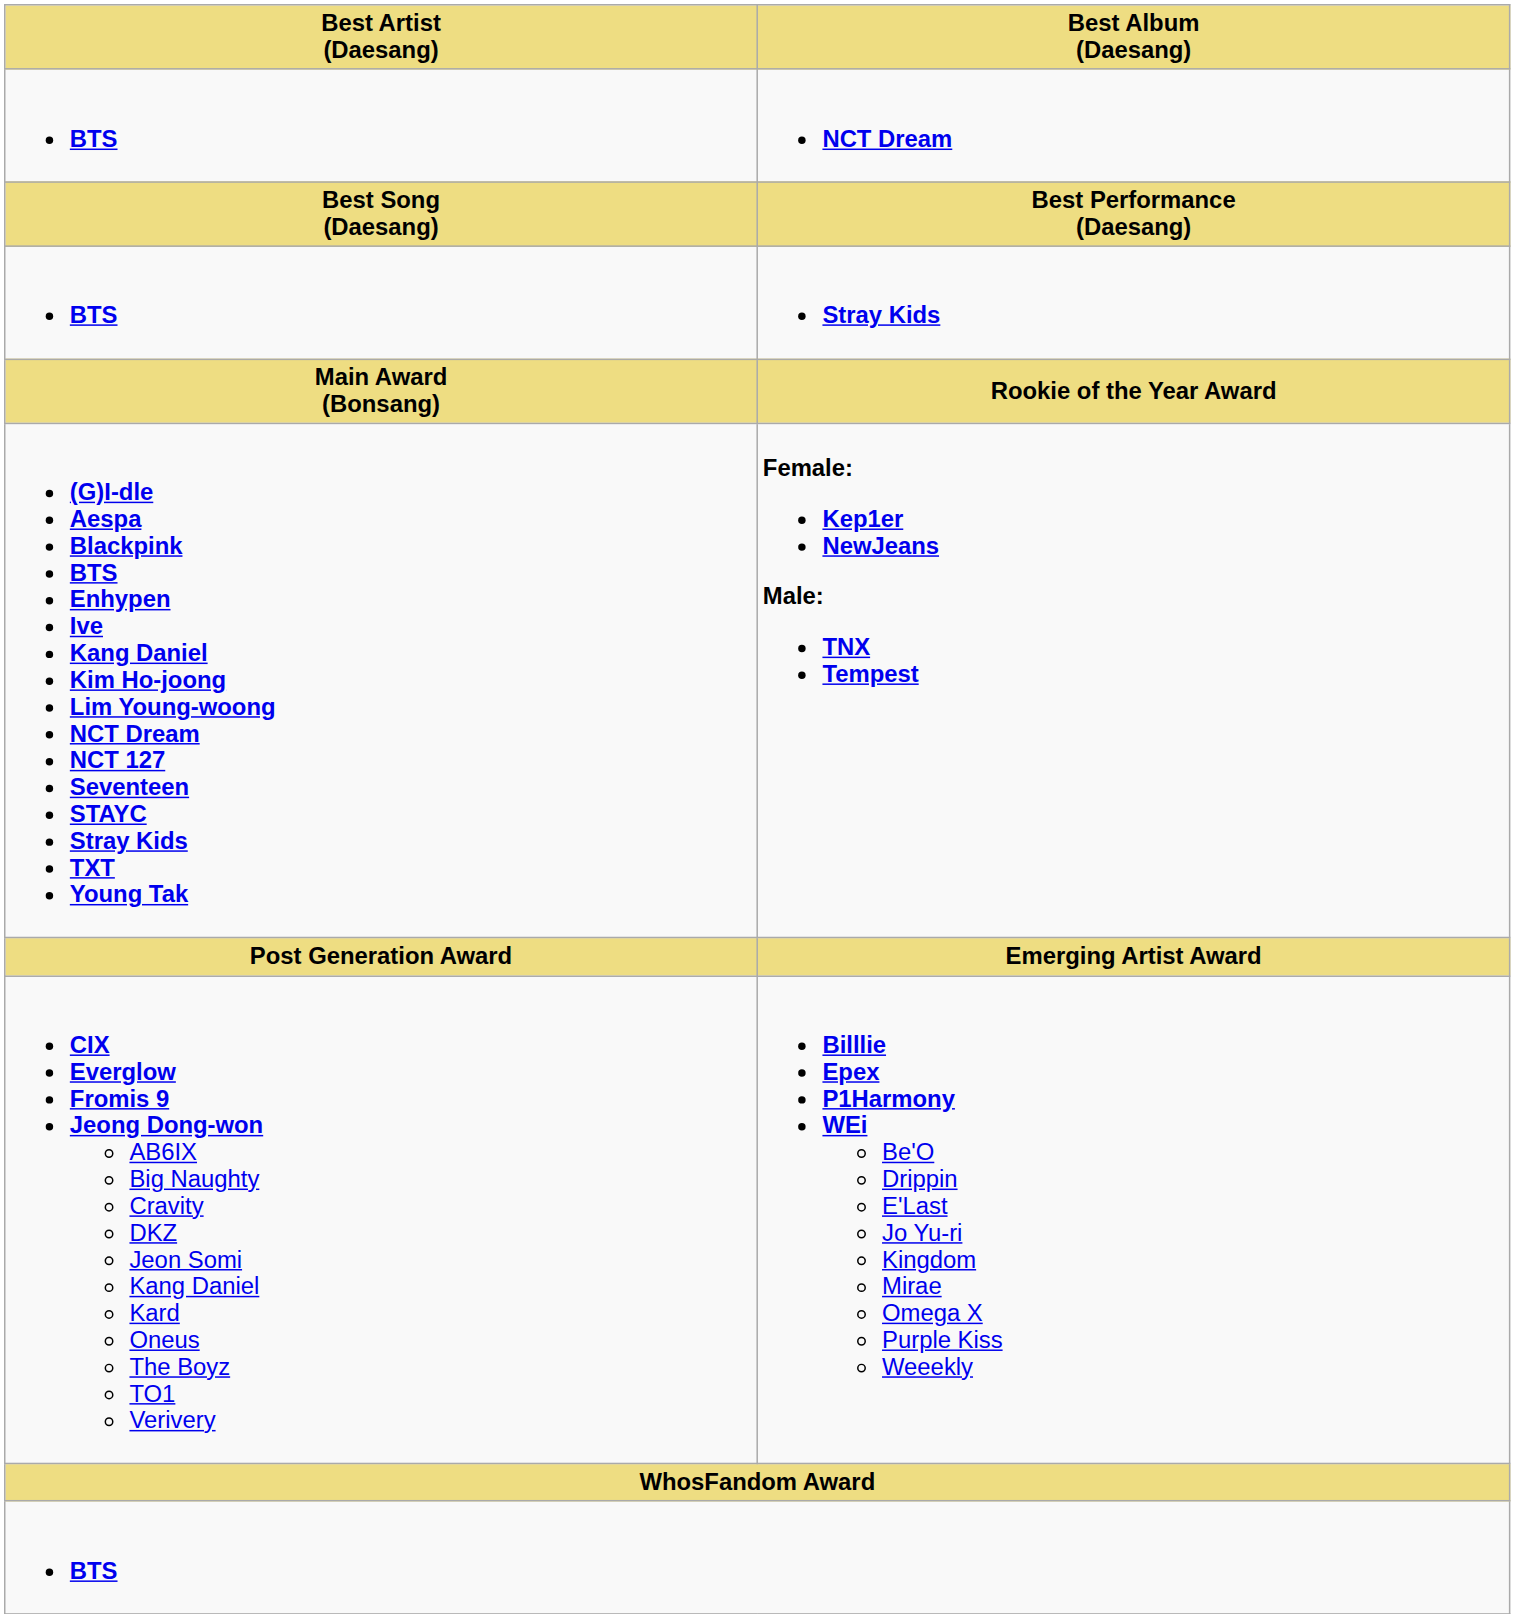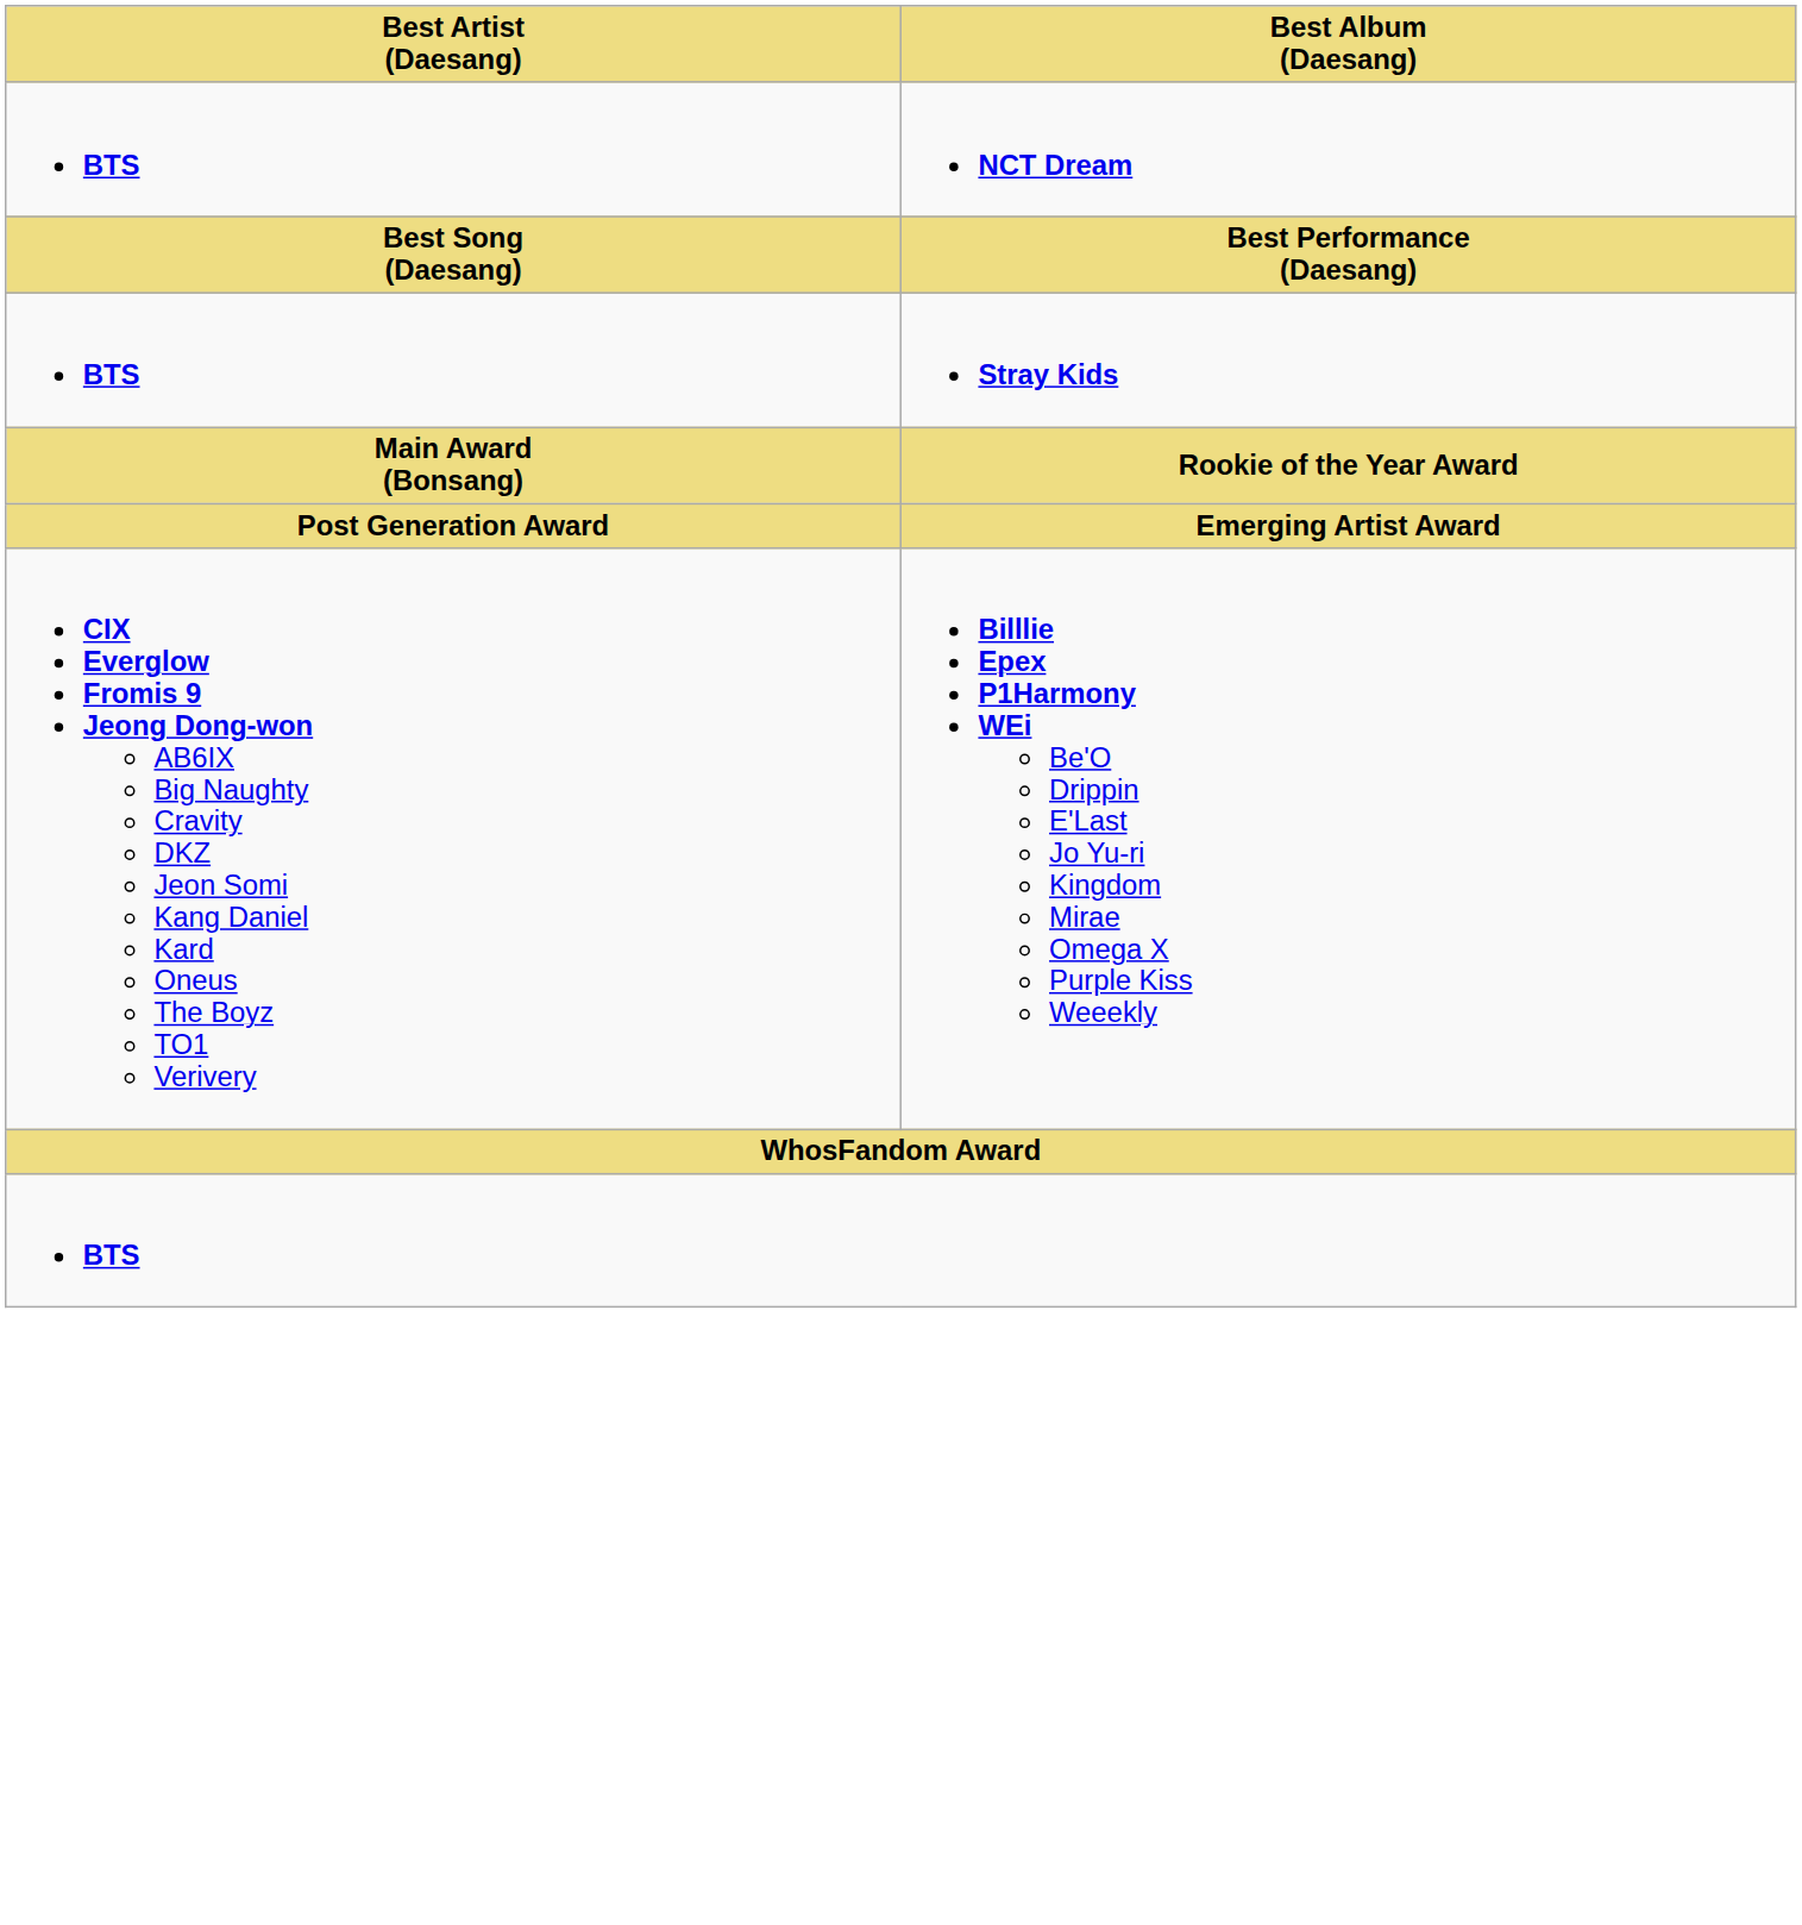 <table class="wikitable" style="width:80%">
 <tr>
 <th scope="col" style="background:#EEDD82; width:40%">Best Artist<br>(Daesang)</th>
 <th scope="col" style="background:#EEDD82; width:40%">Best Album<br>(Daesang)</th>
 </tr>
 <tr>
 <td style="vertical-align:top"><br><ul><li><strong><a href='#'>BTS</a></strong></li></ul></td>
 <td style="vertical-align:top"><br><ul><li><strong><a href='#'>NCT Dream</a></strong></li></ul></td>
 </tr>
 <tr>
 <th scope="col" style="background:#EEDD82; width:40%">Best Song<br>(Daesang)</th>
 <th scope="col" style="background:#EEDD82; width:40%">Best Performance<br>(Daesang)</th>
 </tr>
 <tr>
 <td style="vertical-align:top"><br><ul><li><strong><a href='#'>BTS</a></strong></li></ul></td>
 <td style="vertical-align:top"><br><ul><li><strong><a href='#'>Stray Kids</a></strong></li></ul></td>
 </tr>
 <tr>
 <th scope="col" style="background:#EEDD82; width:40%">Main Award<br>(Bonsang)</th>
 <th scope="col" style="background:#EEDD82; width:40%">Rookie of the Year Award</th>
 </tr>
 <tr>
-<td style="vertical-align:top"><br><ul><li><strong><a href='#'>(G)I-dle</a></strong></li><li><strong><a href='#'>Aespa</a></strong></li><li><strong><a href='#'>Blackpink</a></strong></li><li><strong><a href='#'>BTS</a></strong></li><li><strong><a href='#'>Enhypen</a></strong></li><li><strong><a href='#'>Ive</a></strong></li><li><strong><a href='#'>Kang Daniel</a></strong></li><li><strong><a href='#'>Kim Ho-joong</a></strong></li><li><strong><a href='#'>Lim Young-woong</a></strong></li><li><strong><a href='#'>NCT Dream</a></strong></li><li><strong><a href='#'>NCT 127</a></strong></li><li><strong><a href='#'>Seventeen</a></strong></li><li><strong><a href='#'>STAYC</a></strong></li><li><strong><a href='#'>Stray Kids</a></strong></li><li><strong><a href='#'>TXT</a></strong></li><li><strong><a href='#'>Young Tak</a></strong></li></ul></td>
-<td style="vertical-align:top"><br>  <strong>Female:</strong><ul><li><strong><a href='#'>Kep1er</a></strong></li><li><strong><a href='#'>NewJeans</a></strong></li></ul> <strong>Male:</strong><ul><li><strong><a href='#'>TNX</a></strong></li><li><strong><a href='#'>Tempest</a></strong></li></ul> </td>
-</tr>
-<tr>
 <th scope="col" style="background:#EEDD82; width:40%">Post Generation Award</th>
 <th scope="col" style="background:#EEDD82; width:40%">Emerging Artist Award</th>
 </tr>
 <tr>
 <td style="vertical-align:top"><br><ul><li><strong><a href='#'>CIX</a></strong></li><li><strong><a href='#'>Everglow</a></strong></li><li><strong><a href='#'>Fromis 9</a></strong></li><li><strong><a href='#'>Jeong Dong-won</a></strong><ul><li><a href='#'>AB6IX</a></li><li><a href='#'>Big Naughty</a></li><li><a href='#'>Cravity</a></li><li><a href='#'>DKZ</a></li><li><a href='#'>Jeon Somi</a></li><li><a href='#'>Kang Daniel</a></li><li><a href='#'>Kard</a></li><li><a href='#'>Oneus</a></li><li><a href='#'>The Boyz</a></li><li><a href='#'>TO1</a></li><li><a href='#'>Verivery</a></li></ul></li></ul></td>
 <td style="vertical-align:top"><br><ul><li><strong><a href='#'>Billlie</a></strong></li><li><strong><a href='#'>Epex</a></strong></li><li><strong><a href='#'>P1Harmony</a></strong></li><li><strong><a href='#'>WEi</a></strong><ul><li><a href='#'>Be'O</a></li><li><a href='#'>Drippin</a></li><li><a href='#'>E'Last</a></li><li><a href='#'>Jo Yu-ri</a></li><li><a href='#'>Kingdom</a></li><li><a href='#'>Mirae</a></li><li><a href='#'>Omega X</a></li><li><a href='#'>Purple Kiss</a></li><li><a href='#'>Weeekly</a></li></ul></li></ul></td>
 </tr>
 <tr>
 <th scope="col" style="background:#EEDD82" colspan="2">WhosFandom Award</th>
 </tr>
 <tr>
 <td style="vertical-align:top" colspan="2"><br><ul><li><strong><a href='#'>BTS</a></strong></li></ul></td>
 </tr>
 </table>
